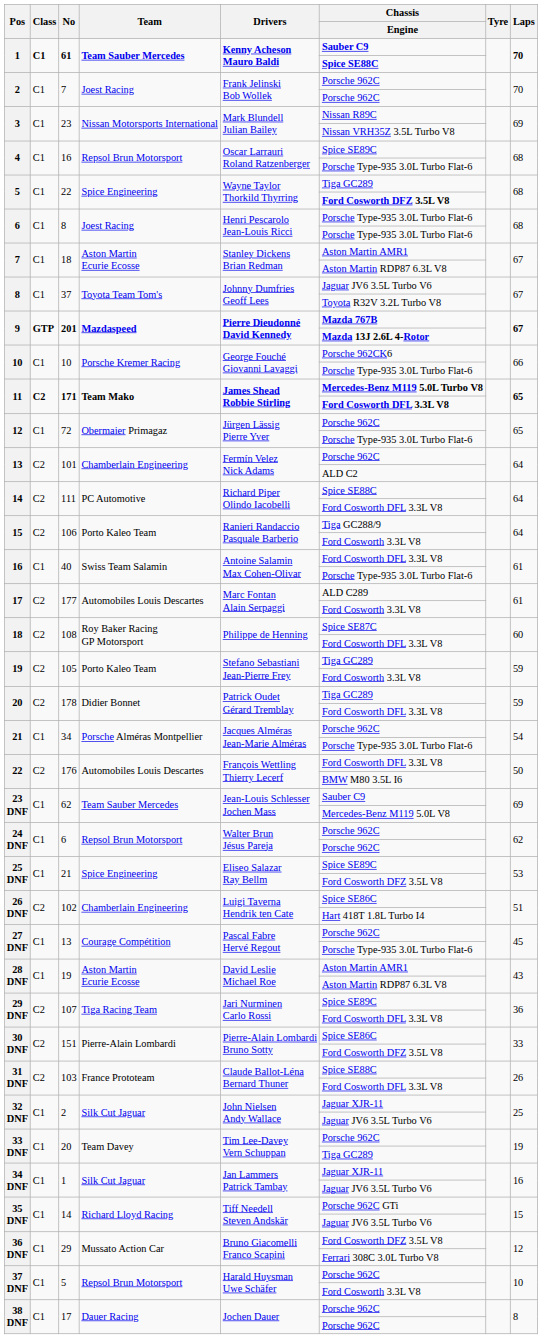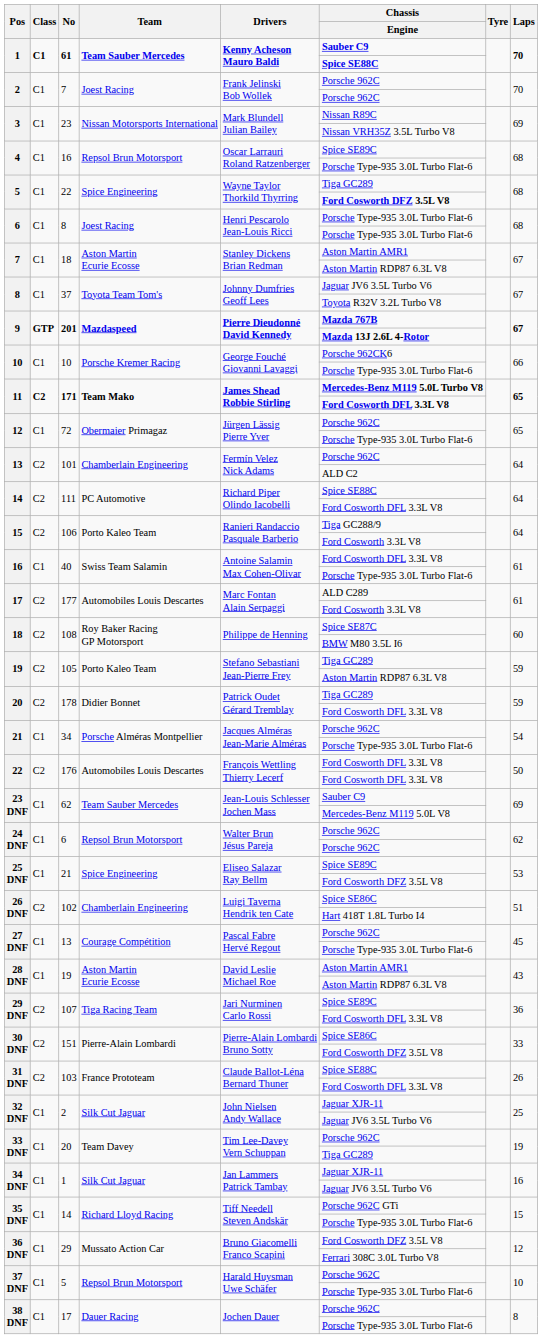 <table class="wikitable" style="font-size: 95%;">
 <tr>
 <th rowspan=2>Pos</th>
 <th rowspan=2>Class</th>
 <th rowspan=2>No</th>
 <th rowspan=2>Team</th>
 <th rowspan=2>Drivers</th>
 <th>Chassis</th>
 <th rowspan=2>Tyre</th>
 <th rowspan=2>Laps</th>
 </tr>
 <tr>
 <th>Engine</th>
 </tr>
 <tr style="font-weight:bold">
 <th rowspan=2>1</th>
 <td rowspan=2>C1</td>
 <td rowspan=2>61</td>
 <td rowspan=2> <a href='#'>Team Sauber Mercedes</a></td>
 <td rowspan=2> <a href='#'>Kenny Acheson</a><br> <a href='#'>Mauro Baldi</a></td>
 <td><a href='#'>Sauber C9</a></td>
 <td rowspan=2></td>
 <td rowspan=2>70</td>
 </tr>
 <tr style="font-weight:bold">
 <td><a href='#'>Spice SE88C</a></td>
 </tr>
 <tr>
 <th rowspan=2>2</th>
 <td rowspan=2>C1</td>
 <td rowspan=2>7</td>
 <td rowspan=2> <a href='#'>Joest Racing</a></td>
 <td rowspan=2> <a href='#'>Frank Jelinski</a><br> <a href='#'>Bob Wollek</a></td>
 <td><a href='#'>Porsche 962C</a></td>
 <td rowspan=2></td>
 <td rowspan=2>70</td>
 </tr>
 <tr>
 <td><a href='#'>Porsche 962C</a></td>
 </tr>
 <tr>
 <th rowspan=2>3</th>
 <td rowspan=2>C1</td>
 <td rowspan=2>23</td>
 <td rowspan=2> <a href='#'>Nissan Motorsports International</a></td>
 <td rowspan=2> <a href='#'>Mark Blundell</a><br> <a href='#'>Julian Bailey</a></td>
 <td><a href='#'>Nissan R89C</a></td>
 <td rowspan=2></td>
 <td rowspan=2>69</td>
 </tr>
 <tr>
 <td><a href='#'>Nissan VRH35Z</a> 3.5L Turbo V8</td>
 </tr>
 <tr>
 <th rowspan=2>4</th>
 <td rowspan=2>C1</td>
 <td rowspan=2>16</td>
 <td rowspan=2> <a href='#'>Repsol Brun Motorsport</a></td>
 <td rowspan=2> <a href='#'>Oscar Larrauri</a><br> <a href='#'>Roland Ratzenberger</a></td>
 <td><a href='#'>Spice SE89C</a></td>
 <td rowspan=2></td>
 <td rowspan=2>68</td>
 </tr>
 <tr>
 <td><a href='#'>Porsche</a> Type-935 3.0L Turbo Flat-6</td>
 </tr>
 <tr>
 <th rowspan=2>5</th>
 <td rowspan=2>C1</td>
 <td rowspan=2>22</td>
 <td rowspan=2> <a href='#'>Spice Engineering</a></td>
 <td rowspan=2> <a href='#'>Wayne Taylor</a><br> <a href='#'>Thorkild Thyrring</a></td>
 <td><a href='#'>Tiga GC289</a></td>
 <td rowspan=2></td>
 <td rowspan=2>68</td>
 </tr>
 <tr>
 <td><strong><a href='#'>Ford Cosworth DFZ</a> 3.5L V8</strong></td>
 </tr>
 <tr>
 <th rowspan=2>6</th>
 <td rowspan=2>C1</td>
 <td rowspan=2>8</td>
 <td rowspan=2> <a href='#'>Joest Racing</a></td>
 <td rowspan=2> <a href='#'>Henri Pescarolo</a><br> <a href='#'>Jean-Louis Ricci</a></td>
 <td><a href='#'>Porsche</a> Type-935 3.0L Turbo Flat-6</td>
 <td rowspan=2></td>
 <td rowspan=2>68</td>
 </tr>
 <tr>
 <td><a href='#'>Porsche</a> Type-935 3.0L Turbo Flat-6</td>
 </tr>
 <tr>
 <th rowspan=2>7</th>
 <td rowspan=2>C1</td>
 <td rowspan=2>18</td>
 <td rowspan=2> <a href='#'>Aston Martin</a><br> <a href='#'>Ecurie Ecosse</a></td>
 <td rowspan=2> <a href='#'>Stanley Dickens</a><br> <a href='#'>Brian Redman</a></td>
 <td><a href='#'>Aston Martin AMR1</a></td>
 <td rowspan=2></td>
 <td rowspan=2>67</td>
 </tr>
 <tr>
 <td><a href='#'>Aston Martin</a> RDP87 6.3L V8</td>
 </tr>
 <tr>
 <th rowspan=2>8</th>
 <td rowspan=2>C1</td>
 <td rowspan=2>37</td>
 <td rowspan=2> <a href='#'>Toyota Team Tom's</a></td>
 <td rowspan=2> <a href='#'>Johnny Dumfries</a><br> <a href='#'>Geoff Lees</a></td>
 <td><a href='#'>Jaguar</a> JV6 3.5L Turbo V6</td>
 <td rowspan=2></td>
 <td rowspan=2>67</td>
 </tr>
 <tr>
 <td><a href='#'>Toyota</a> R32V 3.2L Turbo V8</td>
 </tr>
 <tr style="font-weight:bold">
 <th rowspan=2>9</th>
 <td rowspan=2>GTP</td>
 <td rowspan=2>201</td>
 <td rowspan=2> <a href='#'>Mazdaspeed</a></td>
 <td rowspan=2> <a href='#'>Pierre Dieudonné</a><br> <a href='#'>David Kennedy</a></td>
 <td><a href='#'>Mazda 767B</a></td>
 <td rowspan=2></td>
 <td rowspan=2>67</td>
 </tr>
 <tr style="font-weight:bold">
 <td><a href='#'>Mazda</a> 13J 2.6L 4-<a href='#'>Rotor</a></td>
 </tr>
 <tr>
 <th rowspan=2>10</th>
 <td rowspan=2>C1</td>
 <td rowspan=2>10</td>
 <td rowspan=2> <a href='#'>Porsche Kremer Racing</a></td>
 <td rowspan=2> <a href='#'>George Fouché</a><br> <a href='#'>Giovanni Lavaggi</a></td>
 <td><a href='#'>Porsche 962CK</a>6</td>
 <td rowspan=2></td>
 <td rowspan=2>66</td>
 </tr>
 <tr>
 <td><a href='#'>Porsche</a> Type-935 3.0L Turbo Flat-6</td>
 </tr>
 <tr style="font-weight:bold">
 <th rowspan=2>11</th>
 <td rowspan=2>C2</td>
 <td rowspan=2>171</td>
 <td rowspan=2> Team Mako</td>
 <td rowspan=2> <a href='#'>James Shead</a><br> <a href='#'>Robbie Stirling</a></td>
 <td><a href='#'>Mercedes-Benz M119</a> 5.0L Turbo V8</td>
 <td rowspan=2></td>
 <td rowspan=2>65</td>
 </tr>
 <tr style="font-weight:bold">
 <td><a href='#'>Ford Cosworth DFL</a> 3.3L V8</td>
 </tr>
 <tr>
 <th rowspan=2>12</th>
 <td rowspan=2>C1</td>
 <td rowspan=2>72</td>
 <td rowspan=2> <a href='#'>Obermaier</a> Primagaz</td>
 <td rowspan=2> <a href='#'>Jürgen Lässig</a><br> <a href='#'>Pierre Yver</a></td>
 <td><a href='#'>Porsche 962C</a></td>
 <td rowspan=2></td>
 <td rowspan=2>65</td>
 </tr>
 <tr>
 <td><a href='#'>Porsche</a> Type-935 3.0L Turbo Flat-6</td>
 </tr>
 <tr>
 <th rowspan=2>13</th>
 <td rowspan=2>C2</td>
 <td rowspan=2>101</td>
 <td rowspan=2> <a href='#'>Chamberlain Engineering</a></td>
 <td rowspan=2> <a href='#'>Fermín Velez</a><br> <a href='#'>Nick Adams</a></td>
 <td><a href='#'>Porsche 962C</a></td>
 <td rowspan=2></td>
 <td rowspan=2>64</td>
 </tr>
 <tr>
 <td>ALD C2</td>
 </tr>
 <tr>
 <th rowspan=2>14</th>
 <td rowspan=2>C2</td>
 <td rowspan=2>111</td>
 <td rowspan=2> PC Automotive</td>
 <td rowspan=2> <a href='#'>Richard Piper</a><br> <a href='#'>Olindo Iacobelli</a></td>
 <td><a href='#'>Spice SE88C</a></td>
 <td rowspan=2></td>
 <td rowspan=2>64</td>
 </tr>
 <tr>
 <td><a href='#'>Ford Cosworth DFL</a> 3.3L V8</td>
 </tr>
 <tr>
 <th rowspan=2>15</th>
 <td rowspan=2>C2</td>
 <td rowspan=2>106</td>
 <td rowspan=2> Porto Kaleo Team</td>
 <td rowspan=2> <a href='#'>Ranieri Randaccio</a><br> <a href='#'>Pasquale Barberio</a></td>
 <td><a href='#'>Tiga</a> GC288/9</td>
 <td rowspan=2></td>
 <td rowspan=2>64</td>
 </tr>
 <tr>
 <td><a href='#'>Ford Cosworth</a> 3.3L V8</td>
 </tr>
 <tr>
 <th rowspan=2>16</th>
 <td rowspan=2>C1</td>
 <td rowspan=2>40</td>
 <td rowspan=2> Swiss Team Salamin</td>
 <td rowspan=2> <a href='#'>Antoine Salamin</a><br> <a href='#'>Max Cohen-Olivar</a></td>
 <td><a href='#'>Ford Cosworth DFL</a> 3.3L V8</td>
 <td rowspan=2></td>
 <td rowspan=2>61</td>
 </tr>
 <tr>
 <td><a href='#'>Porsche</a> Type-935 3.0L Turbo Flat-6</td>
 </tr>
 <tr>
 <th rowspan=2>17</th>
 <td rowspan=2>C2</td>
 <td rowspan=2>177</td>
 <td rowspan=2> Automobiles Louis Descartes</td>
 <td rowspan=2> <a href='#'>Marc Fontan</a><br> <a href='#'>Alain Serpaggi</a></td>
 <td>ALD C289</td>
 <td rowspan=2></td>
 <td rowspan=2>61</td>
 </tr>
 <tr>
 <td><a href='#'>Ford Cosworth</a> 3.3L V8</td>
 </tr>
 <tr>
 <th rowspan=2>18</th>
 <td rowspan=2>C2</td>
 <td rowspan=2>108</td>
 <td rowspan=2> Roy Baker Racing<br> GP Motorsport</td>
 <td rowspan=2> <a href='#'>Philippe de Henning</a></td>
 <td><a href='#'>Spice SE87C</a></td>
 <td rowspan=2></td>
 <td rowspan=2>60</td>
 </tr>
 <tr>
-<td><a href='#'>Ford Cosworth DFL</a> 3.3L V8</td>
+<td><a href='#'>BMW</a> M80 3.5L I6</td>
 </tr>
 <tr>
 <th rowspan=2>19</th>
 <td rowspan=2>C2</td>
 <td rowspan=2>105</td>
 <td rowspan=2> Porto Kaleo Team</td>
 <td rowspan=2> <a href='#'>Stefano Sebastiani</a><br> <a href='#'>Jean-Pierre Frey</a></td>
 <td><a href='#'>Tiga GC289</a></td>
 <td rowspan=2></td>
 <td rowspan=2>59</td>
 </tr>
 <tr>
-<td><a href='#'>Ford Cosworth</a> 3.3L V8</td>
+<td><a href='#'>Aston Martin</a> RDP87 6.3L V8</td>
 </tr>
 <tr>
 <th rowspan=2>20</th>
 <td rowspan=2>C2</td>
 <td rowspan=2>178</td>
 <td rowspan=2> Didier Bonnet</td>
 <td rowspan=2> <a href='#'>Patrick Oudet</a><br> <a href='#'>Gérard Tremblay</a></td>
 <td><a href='#'>Tiga GC289</a></td>
 <td rowspan=2></td>
 <td rowspan=2>59</td>
 </tr>
 <tr>
 <td><a href='#'>Ford Cosworth DFL</a> 3.3L V8</td>
 </tr>
 <tr>
 <th rowspan=2>21</th>
 <td rowspan=2>C1</td>
 <td rowspan=2>34</td>
 <td rowspan=2> <a href='#'>Porsche</a> Alméras Montpellier</td>
 <td rowspan=2> <a href='#'>Jacques Alméras</a><br> <a href='#'>Jean-Marie Alméras</a></td>
 <td><a href='#'>Porsche 962C</a></td>
 <td rowspan=2></td>
 <td rowspan=2>54</td>
 </tr>
 <tr>
 <td><a href='#'>Porsche</a> Type-935 3.0L Turbo Flat-6</td>
 </tr>
 <tr>
 <th rowspan=2>22</th>
 <td rowspan=2>C2</td>
 <td rowspan=2>176</td>
 <td rowspan=2> Automobiles Louis Descartes</td>
 <td rowspan=2> <a href='#'>François Wettling</a><br> <a href='#'>Thierry Lecerf</a></td>
 <td><a href='#'>Ford Cosworth DFL</a> 3.3L V8</td>
 <td rowspan=2></td>
 <td rowspan=2>50</td>
 </tr>
 <tr>
-<td><a href='#'>BMW</a> M80 3.5L I6</td>
+<td><a href='#'>Ford Cosworth DFL</a> 3.3L V8</td>
 </tr>
 <tr>
 <th rowspan=2>23<br>DNF</th>
 <td rowspan=2>C1</td>
 <td rowspan=2>62</td>
 <td rowspan=2> <a href='#'>Team Sauber Mercedes</a></td>
 <td rowspan=2> <a href='#'>Jean-Louis Schlesser</a><br> <a href='#'>Jochen Mass</a></td>
 <td><a href='#'>Sauber C9</a></td>
 <td rowspan=2></td>
 <td rowspan=2>69</td>
 </tr>
 <tr>
 <td><a href='#'>Mercedes-Benz M119</a> 5.0L V8</td>
 </tr>
 <tr>
 <th rowspan=2>24<br>DNF</th>
 <td rowspan=2>C1</td>
 <td rowspan=2>6</td>
 <td rowspan=2> <a href='#'>Repsol Brun Motorsport</a></td>
 <td rowspan=2> <a href='#'>Walter Brun</a><br> <a href='#'>Jésus Pareja</a></td>
 <td><a href='#'>Porsche 962C</a></td>
 <td rowspan=2></td>
 <td rowspan=2>62</td>
 </tr>
 <tr>
 <td><a href='#'>Porsche 962C</a></td>
 </tr>
 <tr>
 <th rowspan=2>25<br>DNF</th>
 <td rowspan=2>C1</td>
 <td rowspan=2>21</td>
 <td rowspan=2> <a href='#'>Spice Engineering</a></td>
 <td rowspan=2> <a href='#'>Eliseo Salazar</a><br> <a href='#'>Ray Bellm</a></td>
 <td><a href='#'>Spice SE89C</a></td>
 <td rowspan=2></td>
 <td rowspan=2>53</td>
 </tr>
 <tr>
 <td><a href='#'>Ford Cosworth DFZ</a> 3.5L V8</td>
 </tr>
 <tr>
 <th rowspan=2>26<br>DNF</th>
 <td rowspan=2>C2</td>
 <td rowspan=2>102</td>
 <td rowspan=2> <a href='#'>Chamberlain Engineering</a></td>
 <td rowspan=2> <a href='#'>Luigi Taverna</a><br> <a href='#'>Hendrik ten Cate</a></td>
 <td><a href='#'>Spice SE86C</a></td>
 <td rowspan=2></td>
 <td rowspan=2>51</td>
 </tr>
 <tr>
 <td><a href='#'>Hart</a> 418T 1.8L Turbo I4</td>
 </tr>
 <tr>
 <th rowspan=2>27<br>DNF</th>
 <td rowspan=2>C1</td>
 <td rowspan=2>13</td>
 <td rowspan=2> <a href='#'>Courage Compétition</a></td>
 <td rowspan=2> <a href='#'>Pascal Fabre</a><br> <a href='#'>Hervé Regout</a></td>
 <td><a href='#'>Porsche 962C</a></td>
 <td rowspan=2></td>
 <td rowspan=2>45</td>
 </tr>
 <tr>
 <td><a href='#'>Porsche</a> Type-935 3.0L Turbo Flat-6</td>
 </tr>
 <tr>
 <th rowspan=2>28<br>DNF</th>
 <td rowspan=2>C1</td>
 <td rowspan=2>19</td>
 <td rowspan=2> <a href='#'>Aston Martin</a><br> <a href='#'>Ecurie Ecosse</a></td>
 <td rowspan=2> <a href='#'>David Leslie</a><br> <a href='#'>Michael Roe</a></td>
 <td><a href='#'>Aston Martin AMR1</a></td>
 <td rowspan=2></td>
 <td rowspan=2>43</td>
 </tr>
 <tr>
 <td><a href='#'>Aston Martin</a> RDP87 6.3L V8</td>
 </tr>
 <tr>
 <th rowspan=2>29<br>DNF</th>
 <td rowspan=2>C2</td>
 <td rowspan=2>107</td>
 <td rowspan=2> <a href='#'>Tiga Racing Team</a></td>
 <td rowspan=2> <a href='#'>Jari Nurminen</a><br> <a href='#'>Carlo Rossi</a></td>
 <td><a href='#'>Spice SE89C</a></td>
 <td rowspan=2></td>
 <td rowspan=2>36</td>
 </tr>
 <tr>
 <td><a href='#'>Ford Cosworth DFL</a> 3.3L V8</td>
 </tr>
 <tr>
 <th rowspan=2>30<br>DNF</th>
 <td rowspan=2>C2</td>
 <td rowspan=2>151</td>
 <td rowspan=2> Pierre-Alain Lombardi</td>
 <td rowspan=2> <a href='#'>Pierre-Alain Lombardi</a><br> <a href='#'>Bruno Sotty</a></td>
 <td><a href='#'>Spice SE86C</a></td>
 <td rowspan=2></td>
 <td rowspan=2>33</td>
 </tr>
 <tr>
 <td><a href='#'>Ford Cosworth DFZ</a> 3.5L V8</td>
 </tr>
 <tr>
 <th rowspan=2>31<br>DNF</th>
 <td rowspan=2>C2</td>
 <td rowspan=2>103</td>
 <td rowspan=2> France Prototeam</td>
 <td rowspan=2> <a href='#'>Claude Ballot-Léna</a><br> <a href='#'>Bernard Thuner</a></td>
 <td><a href='#'>Spice SE88C</a></td>
 <td rowspan=2></td>
 <td rowspan=2>26</td>
 </tr>
 <tr>
 <td><a href='#'>Ford Cosworth DFL</a> 3.3L V8</td>
 </tr>
 <tr>
 <th rowspan=2>32<br>DNF</th>
 <td rowspan=2>C1</td>
 <td rowspan=2>2</td>
 <td rowspan=2> <a href='#'>Silk Cut Jaguar</a></td>
 <td rowspan=2> <a href='#'>John Nielsen</a><br> <a href='#'>Andy Wallace</a></td>
 <td><a href='#'>Jaguar XJR-11</a></td>
 <td rowspan=2></td>
 <td rowspan=2>25</td>
 </tr>
 <tr>
 <td><a href='#'>Jaguar</a> JV6 3.5L Turbo V6</td>
 </tr>
 <tr>
 <th rowspan=2>33<br>DNF</th>
 <td rowspan=2>C1</td>
 <td rowspan=2>20</td>
 <td rowspan=2> Team Davey</td>
 <td rowspan=2> <a href='#'>Tim Lee-Davey</a><br> <a href='#'>Vern Schuppan</a></td>
 <td><a href='#'>Porsche 962C</a></td>
 <td rowspan=2></td>
 <td rowspan=2>19</td>
 </tr>
 <tr>
 <td><a href='#'>Tiga GC289</a></td>
 </tr>
 <tr>
 <th rowspan=2>34<br>DNF</th>
 <td rowspan=2>C1</td>
 <td rowspan=2>1</td>
 <td rowspan=2> <a href='#'>Silk Cut Jaguar</a></td>
 <td rowspan=2> <a href='#'>Jan Lammers</a><br> <a href='#'>Patrick Tambay</a></td>
 <td><a href='#'>Jaguar XJR-11</a></td>
 <td rowspan=2></td>
 <td rowspan=2>16</td>
 </tr>
 <tr>
 <td><a href='#'>Jaguar</a> JV6 3.5L Turbo V6</td>
 </tr>
 <tr>
 <th rowspan=2>35<br>DNF</th>
 <td rowspan=2>C1</td>
 <td rowspan=2>14</td>
 <td rowspan=2> <a href='#'>Richard Lloyd Racing</a></td>
 <td rowspan=2> <a href='#'>Tiff Needell</a><br> <a href='#'>Steven Andskär</a></td>
 <td><a href='#'>Porsche 962C</a> GTi</td>
 <td rowspan=2></td>
 <td rowspan=2>15</td>
 </tr>
 <tr>
-<td><a href='#'>Jaguar</a> JV6 3.5L Turbo V6</td>
+<td><a href='#'>Porsche</a> Type-935 3.0L Turbo Flat-6</td>
 </tr>
 <tr>
 <th rowspan=2>36<br>DNF</th>
 <td rowspan=2>C1</td>
 <td rowspan=2>29</td>
 <td rowspan=2> Mussato Action Car</td>
 <td rowspan=2> <a href='#'>Bruno Giacomelli</a><br> <a href='#'>Franco Scapini</a></td>
 <td><a href='#'>Ford Cosworth DFZ</a> 3.5L V8</td>
 <td rowspan=2></td>
 <td rowspan=2>12</td>
 </tr>
 <tr>
 <td><a href='#'>Ferrari</a> 308C 3.0L Turbo V8</td>
 </tr>
 <tr>
 <th rowspan=2>37<br>DNF</th>
 <td rowspan=2>C1</td>
 <td rowspan=2>5</td>
 <td rowspan=2> <a href='#'>Repsol Brun Motorsport</a></td>
 <td rowspan=2> <a href='#'>Harald Huysman</a><br> <a href='#'>Uwe Schäfer</a></td>
 <td><a href='#'>Porsche 962C</a></td>
 <td rowspan=2></td>
 <td rowspan=2>10</td>
 </tr>
 <tr>
-<td><a href='#'>Ford Cosworth</a> 3.3L V8</td>
+<td><a href='#'>Porsche</a> Type-935 3.0L Turbo Flat-6</td>
 </tr>
 <tr>
 <th rowspan=2>38<br>DNF</th>
 <td rowspan=2>C1</td>
 <td rowspan=2>17</td>
 <td rowspan=2> <a href='#'>Dauer Racing</a></td>
 <td rowspan=2> <a href='#'>Jochen Dauer</a></td>
 <td><a href='#'>Porsche 962C</a></td>
 <td rowspan=2></td>
 <td rowspan=2>8</td>
 </tr>
 <tr>
-<td><a href='#'>Porsche 962C</a></td>
+<td><a href='#'>Porsche</a> Type-935 3.0L Turbo Flat-6</td>
 </tr>
 </table>
